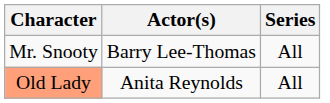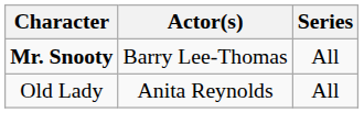 <table class=wikitable style="text-align: center;">
 <tr>
 <th>Character</th>
 <th>Actor(s)</th>
 <th>Series</th>
 </tr>
 <tr>
-<td>Mr. Snooty</td>
+<td><strong>Mr. Snooty</strong></td>
 <td>Barry Lee-Thomas</td>
 <td>All</td>
 </tr>
 <tr>
-<td style="background: lightsalmon;">Old Lady</td>
+<td>Old Lady</td>
 <td>Anita Reynolds</td>
 <td>All</td>
 </tr>
 </table>
